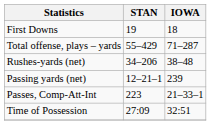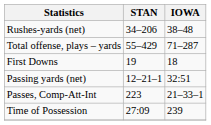 <table class="wikitable">
 <tr>
 <th>Statistics</th>
 <th>STAN</th>
 <th>IOWA</th>
 </tr>
 <tr>
-<td>First Downs</td>
-<td>19</td>
-<td>18</td>
+<td>Rushes-yards (net)</td>
+<td>34–206</td>
+<td>38–48</td>
 </tr>
 <tr>
 <td>Total offense, plays – yards</td>
 <td>55–429</td>
 <td>71–287</td>
 </tr>
 <tr>
-<td>Rushes-yards (net)</td>
-<td>34–206</td>
-<td>38–48</td>
+<td>First Downs</td>
+<td>19</td>
+<td>18</td>
 </tr>
 <tr>
 <td>Passing yards (net)</td>
 <td>12–21–1</td>
-<td>239</td>
+<td>32:51</td>
 </tr>
 <tr>
 <td>Passes, Comp-Att-Int</td>
 <td>223</td>
 <td>21–33–1</td>
 </tr>
 <tr>
 <td>Time of Possession</td>
 <td>27:09</td>
-<td>32:51</td>
+<td>239</td>
 </tr>
 <tr>
 </tr>
 </table>
